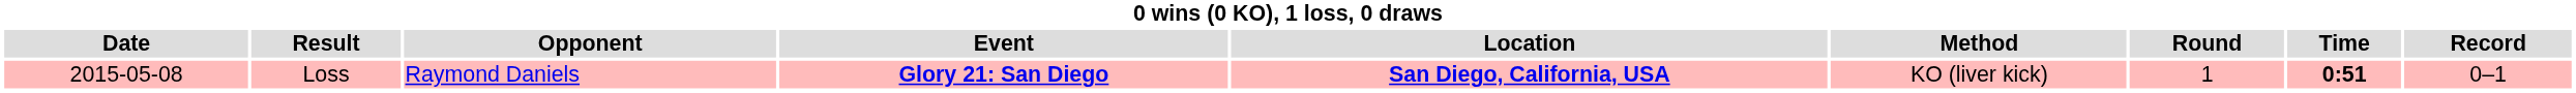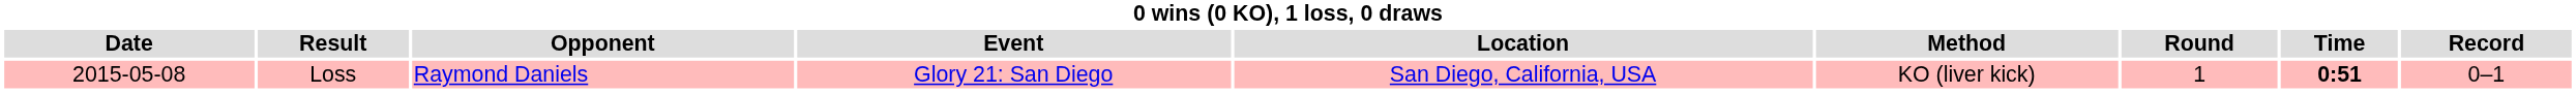 <table class="toccolours"  style="width:100%; clear:both; margin:1.5em auto; font-size:85%; text-align:center;">
 <tr>
 <th colspan=9><strong>0 wins</strong> (0 KO), <strong>1 loss</strong>, <strong>0 draws</strong></th>
 </tr>
 <tr style="background:#ddd;">
 <th>Date</th>
 <th>Result</th>
 <th>Opponent</th>
 <th>Event</th>
 <th>Location</th>
 <th>Method</th>
 <th>Round</th>
 <th>Time</th>
 <th>Record</th>
 </tr>
 <tr style="background:#fbb;">
 <td>2015-05-08</td>
 <td>Loss</td>
 <td align=left> <a href='#'>Raymond Daniels</a></td>
-<td><strong><a href='#'>Glory 21: San Diego</a></strong></td>
-<td><strong><a href='#'>San Diego, California, USA</a></strong></td>
+<td><a href='#'>Glory 21: San Diego</a></td>
+<td><a href='#'>San Diego, California, USA</a></td>
 <td>KO (liver kick)</td>
 <td>1</td>
 <td><strong>0:51</strong></td>
 <td>0–1</td>
 </tr>
 </table>
